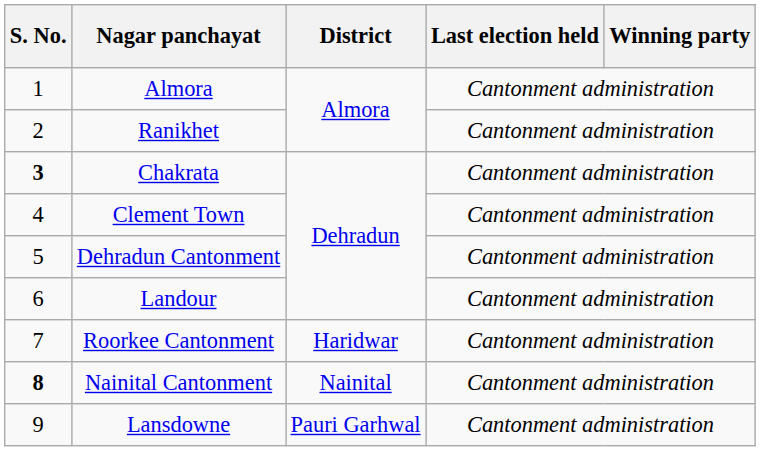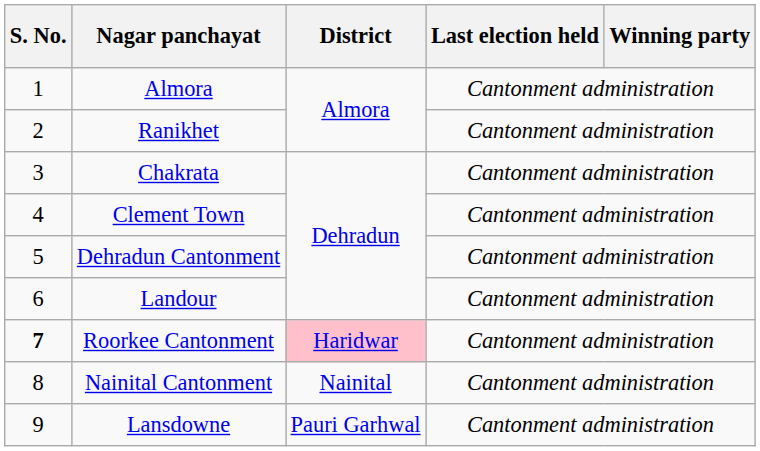 <table class="wikitable sortable">
 <tr style="text-align:center; height:45px;">
 <th scope="col">S. No.</th>
 <th>Nagar panchayat</th>
 <th>District</th>
 <th>Last election held</th>
 <th colspan=2>Winning party</th>
 </tr>
 <tr style="text-align:center; height:30px;">
 <td>1</td>
 <td><a href='#'>Almora</a></td>
 <td rowspan="2"><a href='#'>Almora</a></td>
 <td colspan="3"><em>Cantonment administration</em></td>
 </tr>
 <tr style="text-align:center; height:30px;">
 <td>2</td>
 <td><a href='#'>Ranikhet</a></td>
 <td colspan="3"><em>Cantonment administration</em></td>
 </tr>
 <tr style="text-align:center; height:30px;">
-<td><strong>3</strong></td>
+<td>3</td>
 <td><a href='#'>Chakrata</a></td>
 <td rowspan="4"><a href='#'>Dehradun</a></td>
 <td colspan="3"><em>Cantonment administration</em></td>
 </tr>
 <tr style="text-align:center; height:30px;">
 <td>4</td>
 <td><a href='#'>Clement Town</a></td>
 <td colspan="3"><em>Cantonment administration</em></td>
 </tr>
 <tr style="text-align:center; height:30px;">
 <td>5</td>
 <td><a href='#'>Dehradun Cantonment</a></td>
 <td colspan="3"><em>Cantonment administration</em></td>
 </tr>
 <tr style="text-align:center; height:30px;">
 <td>6</td>
 <td><a href='#'>Landour</a></td>
 <td colspan="3"><em>Cantonment administration</em></td>
 </tr>
 <tr style="text-align:center; height:30px;">
-<td>7</td>
+<td><strong>7</strong></td>
 <td><a href='#'>Roorkee Cantonment</a></td>
-<td><a href='#'>Haridwar</a></td>
+<td style="background: pink;"><a href='#'>Haridwar</a></td>
 <td colspan="3"><em>Cantonment administration</em></td>
 </tr>
 <tr style="text-align:center; height:30px;">
-<td><strong>8</strong></td>
+<td>8</td>
 <td><a href='#'>Nainital Cantonment</a></td>
 <td><a href='#'>Nainital</a></td>
 <td colspan="3"><em>Cantonment administration</em></td>
 </tr>
 <tr style="text-align:center; height:30px;">
 <td>9</td>
 <td><a href='#'>Lansdowne</a></td>
 <td><a href='#'>Pauri Garhwal</a></td>
 <td colspan="3"><em>Cantonment administration</em></td>
 </tr>
 </table>
